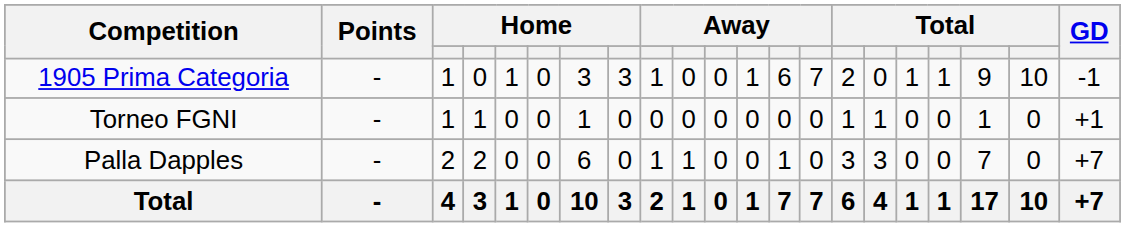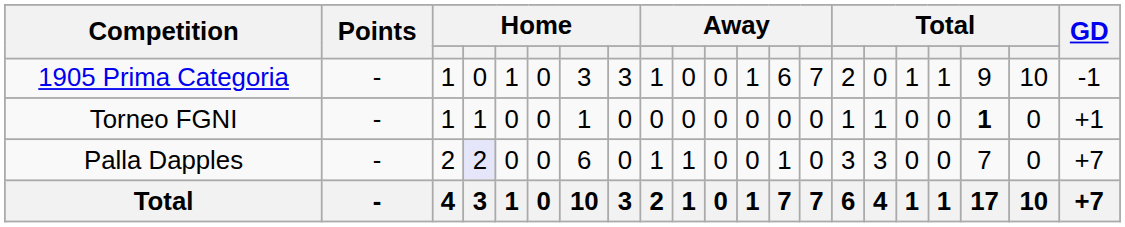 <table class="wikitable" style="font-size:90%;width:100%;margin:auto;clear:both;text-align:center;">
 <tr>
 <th rowspan="2">Competition</th>
 <th rowspan="2">Points</th>
 <th colspan="6">Home</th>
 <th colspan="6">Away</th>
 <th colspan="6">Total</th>
 <th rowspan="2"><a href='#'>GD</a></th>
 </tr>
 <tr>
 <th></th>
 <th></th>
 <th></th>
 <th></th>
 <th></th>
 <th></th>
 <th></th>
 <th></th>
 <th></th>
 <th></th>
 <th></th>
 <th></th>
 <th></th>
 <th></th>
 <th></th>
 <th></th>
 <th></th>
 <th></th>
 </tr>
 <tr>
 <td><a href='#'>1905 Prima Categoria</a></td>
 <td>-</td>
 <td>1</td>
 <td>0</td>
 <td>1</td>
 <td>0</td>
 <td>3</td>
 <td>3</td>
 <td>1</td>
 <td>0</td>
 <td>0</td>
 <td>1</td>
 <td>6</td>
 <td>7</td>
 <td>2</td>
 <td>0</td>
 <td>1</td>
 <td>1</td>
 <td>9</td>
 <td>10</td>
 <td>-1</td>
 </tr>
 <tr>
 <td>Torneo FGNI</td>
 <td>-</td>
 <td>1</td>
 <td>1</td>
 <td>0</td>
 <td>0</td>
 <td>1</td>
 <td>0</td>
 <td>0</td>
 <td>0</td>
 <td>0</td>
 <td>0</td>
 <td>0</td>
 <td>0</td>
 <td>1</td>
 <td>1</td>
 <td>0</td>
 <td>0</td>
-<td>1</td>
+<td><strong>1</strong></td>
 <td>0</td>
 <td>+1</td>
 </tr>
 <tr>
 <td>Palla Dapples</td>
 <td>-</td>
 <td>2</td>
-<td>2</td>
+<td style="background: lavender;">2</td>
 <td>0</td>
 <td>0</td>
 <td>6</td>
 <td>0</td>
 <td>1</td>
 <td>1</td>
 <td>0</td>
 <td>0</td>
 <td>1</td>
 <td>0</td>
 <td>3</td>
 <td>3</td>
 <td>0</td>
 <td>0</td>
 <td>7</td>
 <td>0</td>
 <td>+7</td>
 </tr>
 <tr>
 <th>Total</th>
 <th>-</th>
 <th>4</th>
 <th>3</th>
 <th>1</th>
 <th>0</th>
 <th>10</th>
 <th>3</th>
 <th>2</th>
 <th>1</th>
 <th>0</th>
 <th>1</th>
 <th>7</th>
 <th>7</th>
 <th>6</th>
 <th>4</th>
 <th>1</th>
 <th>1</th>
 <th>17</th>
 <th>10</th>
 <th>+7</th>
 </tr>
 </table>
